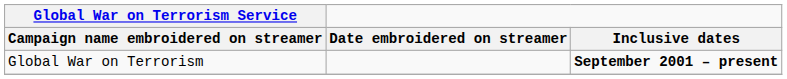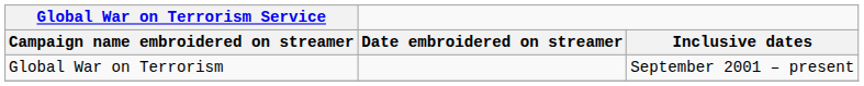 <table class="wikitable">
 <tr>
 <th><a href='#'>Global War on Terrorism Service</a></th>
 <td colspan="2"></td>
 </tr>
 <tr>
 <th>Campaign name embroidered on streamer</th>
 <th>Date embroidered on streamer</th>
 <th>Inclusive dates</th>
 </tr>
 <tr>
 <td>Global War on Terrorism</td>
 <td></td>
-<td><strong>September 2001 – present</strong></td>
+<td>September 2001 – present</td>
 </tr>
 <tr>
 </tr>
 </table>
